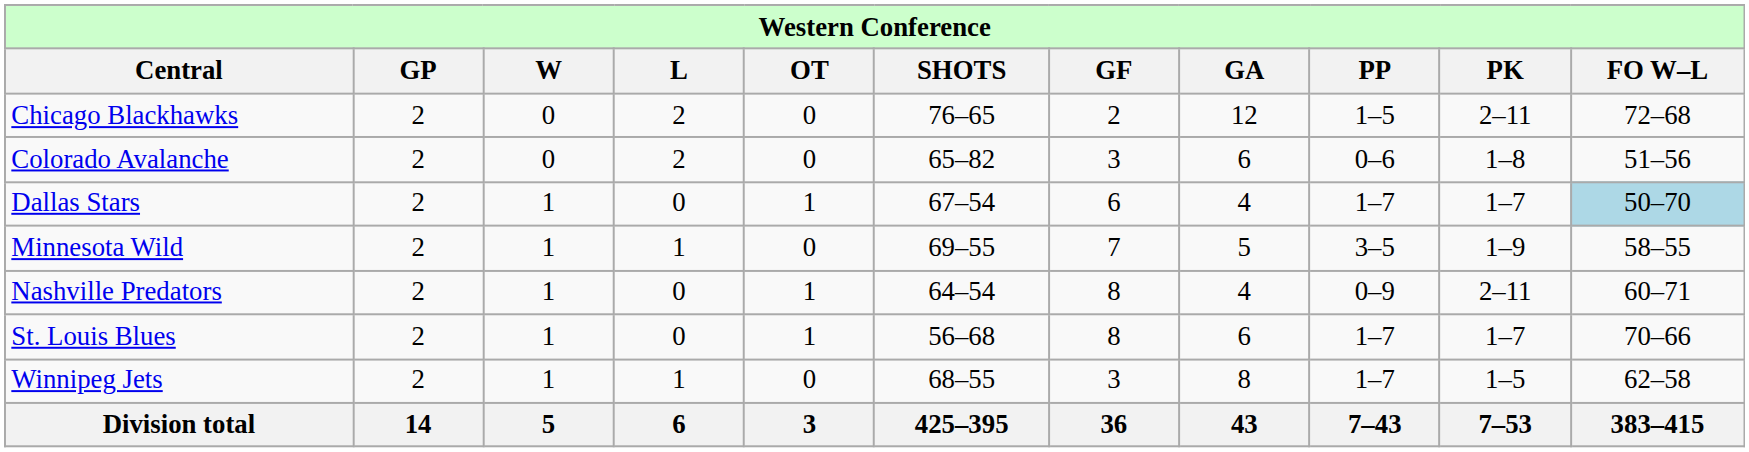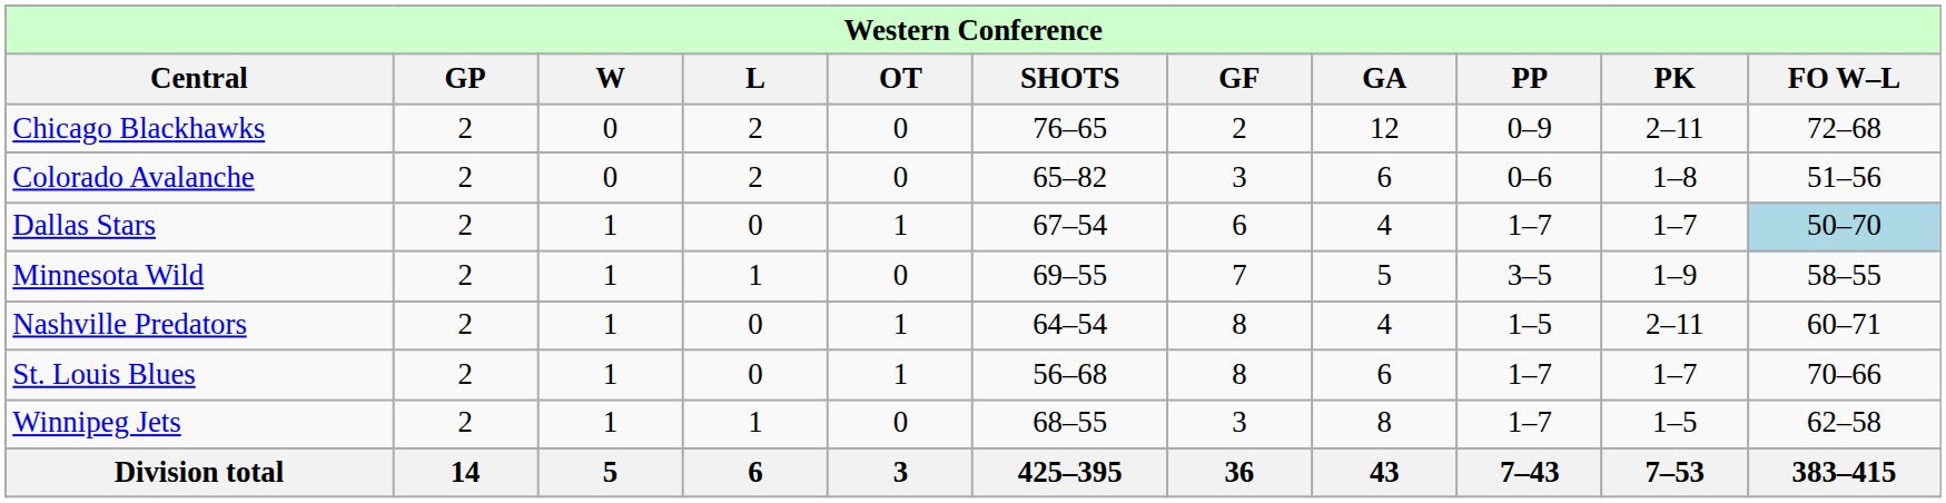 <table class="wikitable" style="text-align:center; width:65em; font-size:85%;">
 <tr style="background:#cfc; font-weight:bold;">
 <td colspan=11>Western Conference</td>
 </tr>
 <tr>
 <th width="20%">Central</th>
 <th width="7.5%">GP</th>
 <th width="7.5%">W</th>
 <th width="7.5%">L</th>
 <th width="7.5%">OT</th>
 <th width="10%">SHOTS</th>
 <th width="7.5%">GF</th>
 <th width="7.5%">GA</th>
 <th width="7.5%">PP</th>
 <th width="7.5%">PK</th>
 <th width="10%">FO W–L</th>
 </tr>
 <tr>
 <td align=left><a href='#'>Chicago Blackhawks</a></td>
 <td>2</td>
 <td>0</td>
 <td>2</td>
 <td>0</td>
 <td>76–65</td>
 <td>2</td>
 <td>12</td>
-<td>1–5</td>
+<td>0–9</td>
 <td>2–11</td>
 <td>72–68</td>
 </tr>
 <tr>
 <td align=left><a href='#'>Colorado Avalanche</a></td>
 <td>2</td>
 <td>0</td>
 <td>2</td>
 <td>0</td>
 <td>65–82</td>
 <td>3</td>
 <td>6</td>
 <td>0–6</td>
 <td>1–8</td>
 <td>51–56</td>
 </tr>
 <tr>
 <td align=left><a href='#'>Dallas Stars</a></td>
 <td>2</td>
 <td>1</td>
 <td>0</td>
 <td>1</td>
 <td>67–54</td>
 <td>6</td>
 <td>4</td>
 <td>1–7</td>
 <td>1–7</td>
 <td style="background: lightblue;">50–70</td>
 </tr>
 <tr>
 <td align=left><a href='#'>Minnesota Wild</a></td>
 <td>2</td>
 <td>1</td>
 <td>1</td>
 <td>0</td>
 <td>69–55</td>
 <td>7</td>
 <td>5</td>
 <td>3–5</td>
 <td>1–9</td>
 <td>58–55</td>
 </tr>
 <tr>
 <td align=left><a href='#'>Nashville Predators</a></td>
 <td>2</td>
 <td>1</td>
 <td>0</td>
 <td>1</td>
 <td>64–54</td>
 <td>8</td>
 <td>4</td>
-<td>0–9</td>
+<td>1–5</td>
 <td>2–11</td>
 <td>60–71</td>
 </tr>
 <tr>
 <td align=left><a href='#'>St. Louis Blues</a></td>
 <td>2</td>
 <td>1</td>
 <td>0</td>
 <td>1</td>
 <td>56–68</td>
 <td>8</td>
 <td>6</td>
 <td>1–7</td>
 <td>1–7</td>
 <td>70–66</td>
 </tr>
 <tr>
 <td align=left><a href='#'>Winnipeg Jets</a></td>
 <td>2</td>
 <td>1</td>
 <td>1</td>
 <td>0</td>
 <td>68–55</td>
 <td>3</td>
 <td>8</td>
 <td>1–7</td>
 <td>1–5</td>
 <td>62–58</td>
 </tr>
 <tr>
 <th>Division total</th>
 <th>14</th>
 <th>5</th>
 <th>6</th>
 <th>3</th>
 <th>425–395</th>
 <th>36</th>
 <th>43</th>
 <th>7–43</th>
 <th>7–53</th>
 <th>383–415</th>
 </tr>
 </table>
